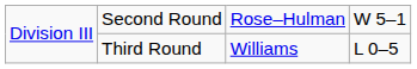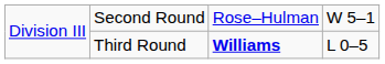 <table class="wikitable">
 <tr>
 <td rowspan="5"><a href='#'>Division III</a></td>
 <td>Second Round</td>
 <td><a href='#'>Rose–Hulman</a></td>
 <td>W 5–1</td>
 </tr>
 <tr>
 <td>Third Round</td>
-<td><a href='#'>Williams</a></td>
+<td><strong><a href='#'>Williams</a></strong></td>
 <td>L 0–5</td>
 </tr>
 </table>
